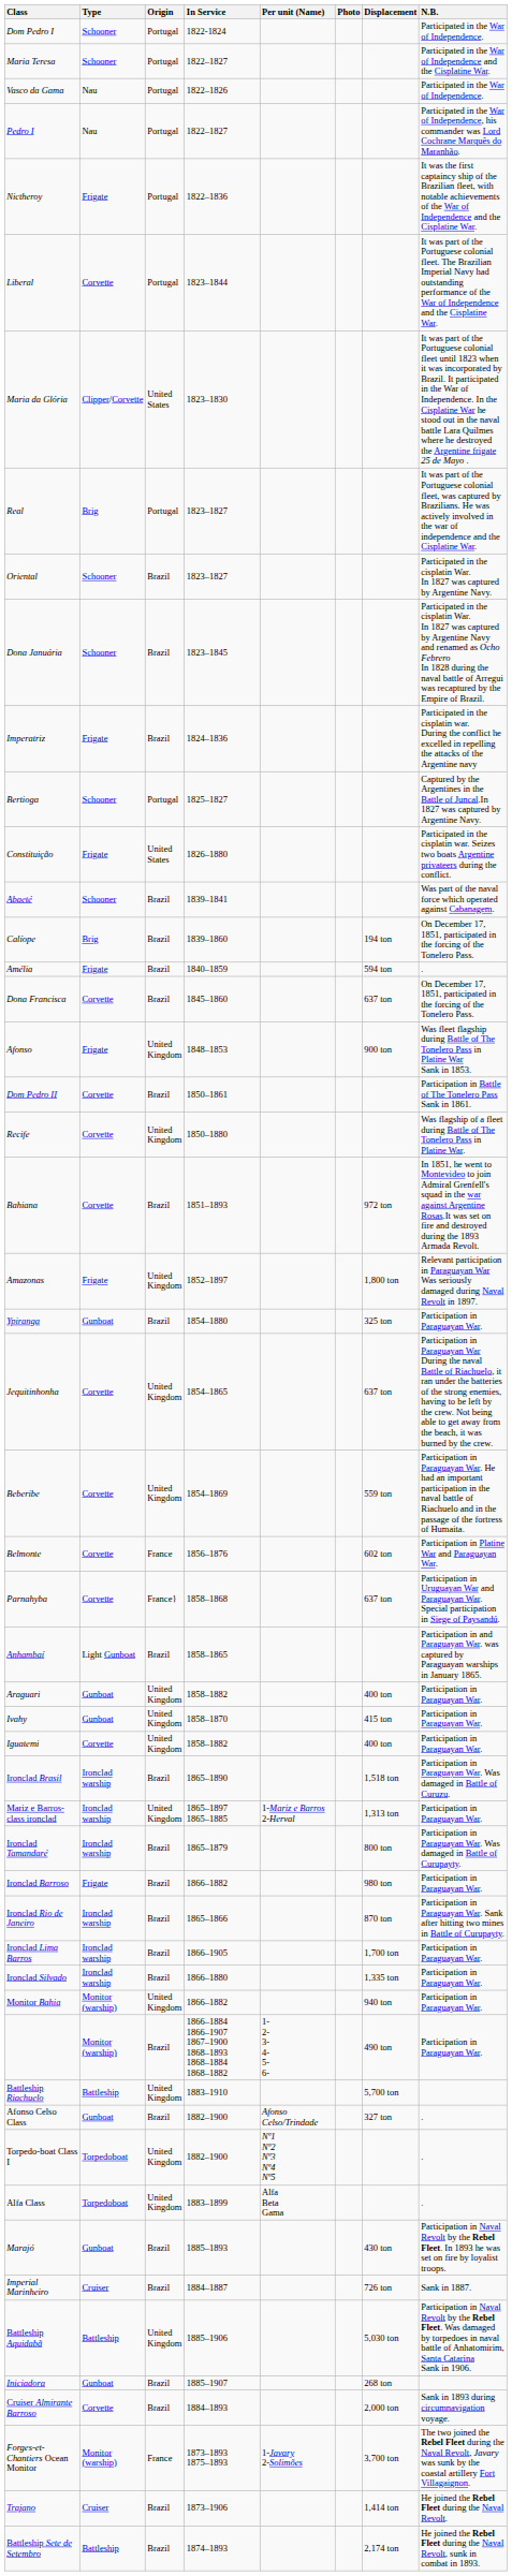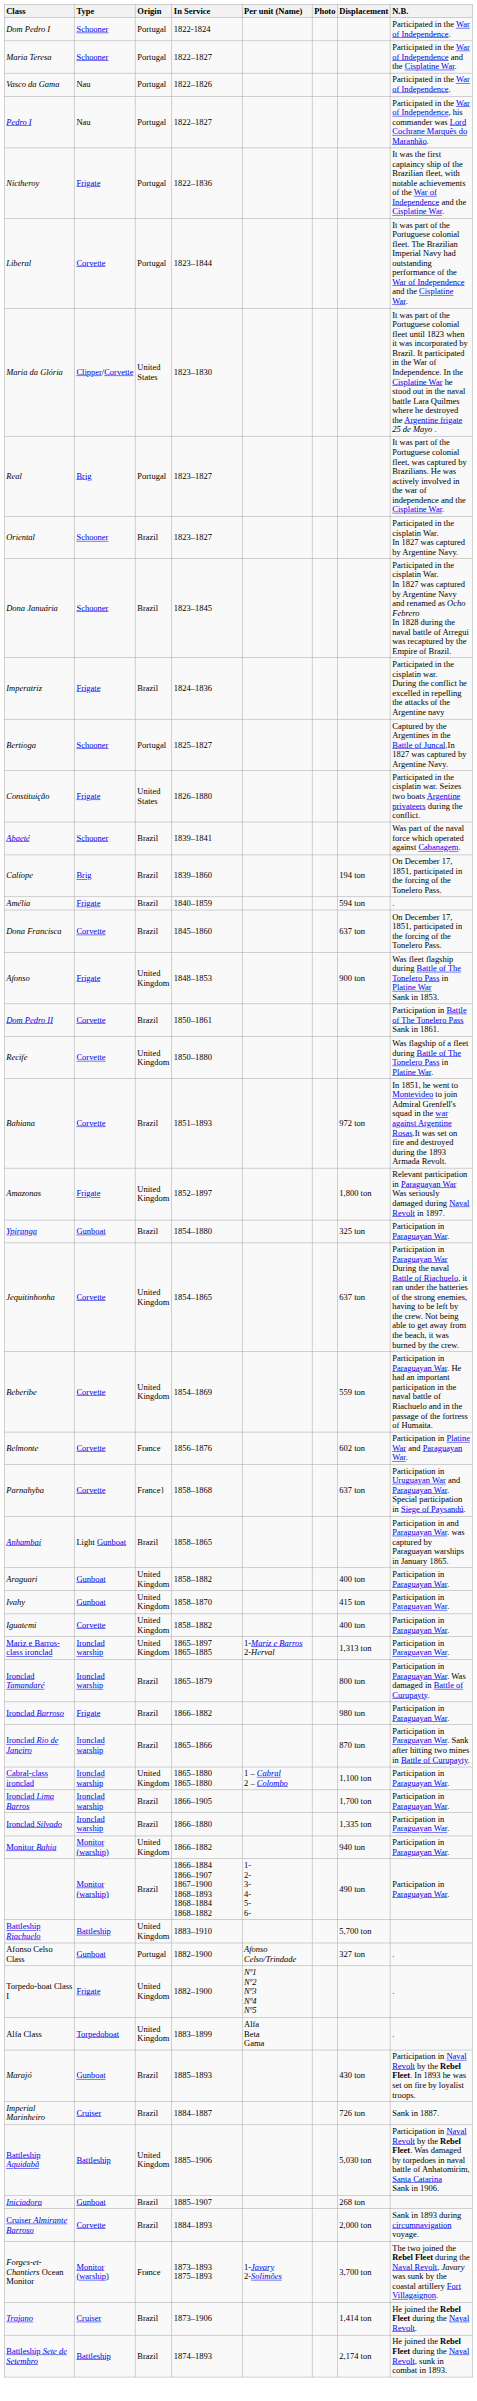 <table class="wikitable mw-collapsible mw-collapsed" style="width:100%">
 <tr>
 <th style="text-align:left; width:15%;">Class</th>
 <th style="text-align:left;width:10%;">Type</th>
 <th style="text-align:left;">Origin</th>
 <th style="text-align:left; width:15%;">In Service</th>
 <th style="text-align:left; width:15%;">Per unit (Name)</th>
 <th style="text-align:left;">Photo</th>
 <th style="text-align:left;">Displacement</th>
 <th style="text-align:left;30%;">N.B.</th>
 </tr>
 <tr>
 <td><em>Dom Pedro I</em></td>
 <td><a href='#'>Schooner</a></td>
 <td>Portugal</td>
 <td>1822-1824</td>
 <td></td>
 <td></td>
 <td></td>
 <td>Participated in the <a href='#'>War of Independence</a>.</td>
 </tr>
 <tr>
 <td><em>Maria Teresa</em></td>
 <td><a href='#'>Schooner</a></td>
 <td>Portugal</td>
 <td>1822–1827</td>
 <td></td>
 <td></td>
 <td></td>
 <td>Participated in the <a href='#'>War of Independence</a> and the <a href='#'>Cisplatine War</a>.</td>
 </tr>
 <tr>
 <td><em>Vasco da Gama</em></td>
 <td>Nau</td>
 <td>Portugal</td>
 <td>1822–1826</td>
 <td></td>
 <td></td>
 <td></td>
 <td>Participated in the <a href='#'>War of Independence</a>.</td>
 </tr>
 <tr>
 <td><em><a href='#'>Pedro I</a></em></td>
 <td>Nau</td>
 <td>Portugal</td>
 <td>1822–1827</td>
 <td></td>
 <td></td>
 <td></td>
 <td>Participated in the <a href='#'>War of Independence</a>, his commander was <a href='#'>Lord Cochrane Marquês do Maranhão</a>.</td>
 </tr>
 <tr>
 <td><em>Nictheroy</em></td>
 <td><a href='#'>Frigate</a></td>
 <td>Portugal</td>
 <td>1822–1836</td>
 <td></td>
 <td></td>
 <td></td>
 <td>It was the first captaincy ship of the Brazilian fleet, with notable achievements of the <a href='#'>War of Independence</a> and the <a href='#'>Cisplatine War</a>.</td>
 </tr>
 <tr>
 <td><em>Liberal</em></td>
 <td><a href='#'>Corvette</a></td>
 <td>Portugal</td>
 <td>1823–1844</td>
 <td></td>
 <td></td>
 <td></td>
 <td>It was part of the Portuguese colonial fleet. The Brazilian Imperial Navy had outstanding performance of the <a href='#'>War of Independence</a> and the <a href='#'>Cisplatine War</a>.</td>
 </tr>
 <tr>
 <td><em>Maria da Glória</em></td>
 <td><a href='#'>Clipper</a>/<a href='#'>Corvette</a></td>
 <td>United States</td>
 <td>1823–1830</td>
 <td></td>
 <td></td>
 <td></td>
 <td>It was part of the Portuguese colonial fleet until 1823 when it was incorporated by Brazil. It participated in the War of Independence. In the <a href='#'>Cisplatine War</a> he stood out in the naval battle Lara Quilmes where he destroyed the <a href='#'>Argentine frigate</a> <em> 25 de Mayo </em>.</td>
 </tr>
 <tr>
 <td><em>Real</em></td>
 <td><a href='#'>Brig</a></td>
 <td>Portugal</td>
 <td>1823–1827</td>
 <td></td>
 <td></td>
 <td></td>
 <td>It was part of the Portuguese colonial fleet, was captured by Brazilians. He was actively involved in the war of independence and the <a href='#'>Cisplatine War</a>.</td>
 </tr>
 <tr>
 <td><em>Oriental</em></td>
 <td><a href='#'>Schooner</a></td>
 <td>Brazil</td>
 <td>1823–1827</td>
 <td></td>
 <td></td>
 <td></td>
 <td>Participated in the cisplatin War. <br> In 1827 was captured by Argentine Navy.</td>
 </tr>
 <tr>
 <td><em>Dona Januária</em></td>
 <td><a href='#'>Schooner</a></td>
 <td>Brazil</td>
 <td>1823–1845</td>
 <td></td>
 <td></td>
 <td></td>
 <td>Participated in the cisplatin War. <br> In 1827 was captured by Argentine Navy and renamed as <em>Ocho Febrero</em><br> In 1828 during the naval battle of Arregui was recaptured by the Empire of Brazil.</td>
 </tr>
 <tr>
 <td><em>Imperatriz</em></td>
 <td><a href='#'>Frigate</a></td>
 <td>Brazil</td>
 <td>1824–1836</td>
 <td></td>
 <td></td>
 <td></td>
 <td>Participated in the cisplatin war.<br>During the conflict he excelled in repelling the attacks of the Argentine navy</td>
 </tr>
 <tr>
 <td><em>Bertioga</em></td>
 <td><a href='#'>Schooner</a></td>
 <td>Portugal</td>
 <td>1825–1827</td>
 <td></td>
 <td></td>
 <td></td>
 <td>Captured by the Argentines in the <a href='#'>Battle of Juncal</a>.In 1827 was captured by Argentine Navy.</td>
 </tr>
 <tr>
 <td><em>Constituição</em></td>
 <td><a href='#'>Frigate</a></td>
 <td>United States</td>
 <td>1826–1880</td>
 <td></td>
 <td></td>
 <td></td>
 <td>Participated in the cisplatin war. Seizes two boats <a href='#'>Argentine privateers</a> during the conflict.</td>
 </tr>
 <tr>
 <td><em><a href='#'>Abaeté</a></em></td>
 <td><a href='#'>Schooner</a></td>
 <td>Brazil</td>
 <td>1839–1841</td>
 <td></td>
 <td></td>
 <td></td>
 <td>Was part of the naval force which operated against <a href='#'>Cabanagem</a>.</td>
 </tr>
 <tr>
 <td><em>Calíope</em></td>
 <td><a href='#'>Brig</a></td>
 <td>Brazil</td>
 <td>1839–1860</td>
 <td></td>
 <td></td>
 <td>194 ton</td>
 <td>On December 17, 1851, participated in the forcing of the Tonelero Pass.</td>
 </tr>
 <tr>
 <td><em>Amélia</em></td>
 <td><a href='#'>Frigate</a></td>
 <td>Brazil</td>
 <td>1840–1859</td>
 <td></td>
 <td></td>
 <td>594 ton</td>
 <td>.</td>
 </tr>
 <tr>
 <td><em>Dona Francisca</em></td>
 <td><a href='#'>Corvette</a></td>
 <td>Brazil</td>
 <td>1845–1860</td>
 <td></td>
 <td></td>
 <td>637 ton</td>
 <td>On December 17, 1851, participated in the forcing of the Tonelero Pass.</td>
 </tr>
 <tr>
 <td><em>Afonso</em></td>
 <td><a href='#'>Frigate</a></td>
 <td>United Kingdom</td>
 <td>1848–1853</td>
 <td></td>
 <td></td>
 <td>900 ton</td>
 <td>Was fleet flagship during <a href='#'>Battle of The Tonelero Pass</a> in <a href='#'>Platine War</a><br>Sank in 1853.</td>
 </tr>
 <tr>
 <td><em><a href='#'>Dom Pedro II</a></em></td>
 <td><a href='#'>Corvette</a></td>
 <td>Brazil</td>
 <td>1850–1861</td>
 <td></td>
 <td></td>
 <td></td>
 <td>Participation in <a href='#'>Battle of The Tonelero Pass</a><br>Sank in 1861.</td>
 </tr>
 <tr>
 <td><em>Recife</em></td>
 <td><a href='#'>Corvette</a></td>
 <td>United Kingdom</td>
 <td>1850–1880</td>
 <td></td>
 <td></td>
 <td></td>
 <td>Was flagship of a fleet during <a href='#'>Battle of The Tonelero Pass</a> in <a href='#'>Platine War</a>.</td>
 </tr>
 <tr>
 <td><em>Bahiana</em></td>
 <td><a href='#'>Corvette</a></td>
 <td>Brazil</td>
 <td>1851–1893</td>
 <td></td>
 <td></td>
 <td>972 ton</td>
 <td>In 1851, he went to <a href='#'>Montevideo</a> to join Admiral Grenfell's squad in the <a href='#'>war against Argentine Rosas</a>.It was set on fire and destroyed during the 1893 Armada Revolt.</td>
 </tr>
 <tr>
 <td><em>Amazonas</em></td>
 <td><a href='#'>Frigate</a></td>
 <td>United Kingdom</td>
 <td>1852–1897</td>
 <td></td>
 <td></td>
 <td>1,800 ton</td>
 <td>Relevant participation in <a href='#'>Paraguayan War</a><br>Was seriously damaged during <a href='#'>Naval Revolt</a> in 1897.</td>
 </tr>
 <tr>
 <td><em><a href='#'>Ypiranga</a></em></td>
 <td><a href='#'>Gunboat</a></td>
 <td>Brazil</td>
 <td>1854–1880</td>
 <td></td>
 <td></td>
 <td>325 ton</td>
 <td>Participation in <a href='#'>Paraguayan War</a>.</td>
 </tr>
 <tr>
 <td><em>Jequitinhonha</em></td>
 <td><a href='#'>Corvette</a></td>
 <td>United Kingdom</td>
 <td>1854–1865</td>
 <td></td>
 <td></td>
 <td>637 ton</td>
 <td>Participation in <a href='#'>Paraguayan War</a><br>During the naval <a href='#'>Battle of Riachuelo</a>, it ran under the batteries of the strong enemies, having to be left by the crew. Not being able to get away from the beach, it was burned by the crew.</td>
 </tr>
 <tr>
 <td><em>Beberibe</em></td>
 <td><a href='#'>Corvette</a></td>
 <td>United Kingdom</td>
 <td>1854–1869</td>
 <td></td>
 <td></td>
 <td>559 ton</td>
 <td>Participation in <a href='#'>Paraguayan War</a>. He had an important participation in the naval battle of Riachuelo and in the passage of the fortress of Humaita.</td>
 </tr>
 <tr>
 <td><em>Belmonte</em></td>
 <td><a href='#'>Corvette</a></td>
 <td>France</td>
 <td>1856–1876</td>
 <td></td>
 <td></td>
 <td>602 ton</td>
 <td>Participation in <a href='#'>Platine War</a> and <a href='#'>Paraguayan War</a>.</td>
 </tr>
 <tr>
 <td><em>Parnahyba</em></td>
 <td><a href='#'>Corvette</a></td>
 <td>France}</td>
 <td>1858–1868</td>
 <td></td>
 <td></td>
 <td>637 ton</td>
 <td>Participation in <a href='#'>Uruguayan War</a> and <a href='#'>Paraguayan War</a>. Special participation in <a href='#'>Siege of Paysandú</a>.</td>
 </tr>
 <tr>
 <td><em><a href='#'>Anhambaí</a></em></td>
 <td>Light <a href='#'>Gunboat</a></td>
 <td>Brazil</td>
 <td>1858–1865</td>
 <td></td>
 <td></td>
 <td></td>
 <td>Participation in and <a href='#'>Paraguayan War</a>. was captured by Paraguayan warships in January 1865.</td>
 </tr>
 <tr>
 <td><em>Araguari</em></td>
 <td><a href='#'>Gunboat</a></td>
 <td>United Kingdom</td>
 <td>1858–1882</td>
 <td></td>
 <td></td>
 <td>400 ton</td>
 <td>Participation in <a href='#'>Paraguayan War</a>.</td>
 </tr>
 <tr>
 <td><em>Ivahy</em></td>
 <td><a href='#'>Gunboat</a></td>
 <td>United Kingdom</td>
 <td>1858–1870</td>
 <td></td>
 <td></td>
 <td>415 ton</td>
 <td>Participation in <a href='#'>Paraguayan War</a>.</td>
 </tr>
 <tr>
 <td><em>Iguatemi</em></td>
 <td><a href='#'>Corvette</a></td>
 <td>United Kingdom</td>
 <td>1858–1882</td>
 <td></td>
 <td></td>
 <td>400 ton</td>
 <td>Participation in <a href='#'>Paraguayan War</a>.</td>
 </tr>
 <tr>
-<td><a href='#'>Ironclad <em>Brasil</em></a></td>
-<td><a href='#'>Ironclad warship</a></td>
-<td>Brazil</td>
-<td>1865–1890</td>
-<td></td>
-<td></td>
-<td>1,518 ton</td>
-<td>Participation in <a href='#'>Paraguayan War</a>. Was damaged in <a href='#'>Battle of Curuzu</a>.</td>
-</tr>
-<tr>
 <td><a href='#'>Mariz e Barros-class ironclad</a></td>
 <td><a href='#'>Ironclad warship</a></td>
 <td>United Kingdom</td>
 <td>1865–1897<br>1865–1885</td>
 <td>1-<em><a href='#'>Mariz e Barros</a></em><br>2-<em>Herval</em></td>
 <td></td>
 <td>1,313 ton</td>
 <td>Participation in <a href='#'>Paraguayan War</a>.</td>
 </tr>
 <tr>
 <td><a href='#'>Ironclad <em>Tamandaré</em></a></td>
 <td><a href='#'>Ironclad warship</a></td>
 <td>Brazil</td>
 <td>1865–1879</td>
 <td></td>
 <td></td>
 <td>800 ton</td>
 <td>Participation in <a href='#'>Paraguayan War</a>. Was damaged in <a href='#'>Battle of Curupayty</a>.</td>
 </tr>
 <tr>
 <td><a href='#'>Ironclad <em>Barroso</em></a></td>
 <td><a href='#'>Frigate</a></td>
 <td>Brazil</td>
 <td>1866–1882</td>
 <td></td>
 <td></td>
 <td>980 ton</td>
 <td>Participation in <a href='#'>Paraguayan War</a>.</td>
 </tr>
 <tr>
 <td><a href='#'>Ironclad <em>Rio de Janeiro</em></a></td>
 <td><a href='#'>Ironclad warship</a></td>
 <td>Brazil</td>
 <td>1865–1866</td>
 <td></td>
 <td></td>
 <td>870 ton</td>
 <td>Participation in <a href='#'>Paraguayan War</a>. Sank after hitting two mines in <a href='#'>Battle of Curupayty</a>.</td>
+</tr>
+<tr>
+<td><a href='#'>Cabral-class ironclad</a></td>
+<td><a href='#'>Ironclad warship</a></td>
+<td>United Kingdom</td>
+<td>1865–1880<br>1865–1880</td>
+<td>1 – <em><a href='#'>Cabral</a></em><br>2 – <em><a href='#'>Colombo</a></em></td>
+<td></td>
+<td>1,100 ton</td>
+<td>Participation in <a href='#'>Paraguayan War</a>.</td>
 </tr>
 <tr>
 <td><a href='#'>Ironclad <em>Lima Barros</em></a></td>
 <td><a href='#'>Ironclad warship</a></td>
 <td>Brazil</td>
 <td>1866–1905</td>
 <td></td>
 <td></td>
 <td>1,700 ton</td>
 <td>Participation in <a href='#'>Paraguayan War</a>.</td>
 </tr>
 <tr>
 <td><a href='#'>Ironclad <em>Silvado</em></a></td>
 <td><a href='#'>Ironclad warship</a></td>
 <td>Brazil</td>
 <td>1866–1880</td>
 <td></td>
 <td></td>
 <td>1,335 ton</td>
 <td>Participation in <a href='#'>Paraguayan War</a>.</td>
 </tr>
 <tr>
 <td><a href='#'>Monitor <em>Bahia</em></a></td>
 <td><a href='#'>Monitor (warship)</a></td>
 <td>United Kingdom</td>
 <td>1866–1882</td>
 <td></td>
 <td></td>
 <td>940 ton</td>
 <td>Participation in <a href='#'>Paraguayan War</a>.</td>
 </tr>
 <tr>
 <td></td>
 <td><a href='#'>Monitor (warship)</a></td>
 <td>Brazil</td>
 <td>1866–1884<br>1866–1907<br>1867–1900<br>1868–1893<br>1868–1884<br>1868–1882</td>
 <td>1-<br> 2-<br> 3-<br> 4-<br> 5-<br> 6-</td>
 <td></td>
 <td>490 ton</td>
 <td>Participation in <a href='#'>Paraguayan War</a>.</td>
 </tr>
 <tr>
 <td><a href='#'>Battleship <em>Riachuelo</em></a></td>
 <td><a href='#'>Battleship</a></td>
 <td>United Kingdom</td>
 <td>1883–1910</td>
 <td></td>
 <td></td>
 <td>5,700 ton</td>
 <td></td>
 </tr>
 <tr>
 <td>Afonso Celso Class</td>
 <td><a href='#'>Gunboat</a></td>
-<td>Brazil</td>
+<td>Portugal</td>
 <td>1882–1900</td>
 <td><em>Afonso Celso/Trindade</em></td>
 <td></td>
 <td>327 ton</td>
 <td>.</td>
 </tr>
 <tr>
 <td>Torpedo-boat Class I</td>
-<td><a href='#'>Torpedoboat</a></td>
+<td><a href='#'>Frigate</a></td>
 <td>United Kingdom</td>
 <td>1882–1900</td>
 <td><em>Nº1</em><br><em>Nº2</em><br><em>Nº3</em><br><em>Nº4</em><br><em>Nº5</em></td>
 <td></td>
 <td></td>
 <td>.</td>
 </tr>
 <tr>
 <td>Alfa Class</td>
 <td><a href='#'>Torpedoboat</a></td>
 <td>United Kingdom</td>
 <td>1883–1899</td>
 <td>Alfa<br>Beta<br>Gama</td>
 <td></td>
 <td></td>
 <td>.</td>
 </tr>
 <tr>
 <td><em>Marajó</em></td>
 <td><a href='#'>Gunboat</a></td>
 <td>Brazil</td>
 <td>1885–1893</td>
 <td></td>
 <td></td>
 <td>430 ton</td>
 <td>Participation in <a href='#'>Naval Revolt</a> by the <strong>Rebel Fleet</strong>. In 1893 he was set on fire by loyalist troops.</td>
 </tr>
 <tr>
 <td><em>Imperial Marinheiro</em></td>
 <td><a href='#'>Cruiser</a></td>
 <td>Brazil</td>
 <td>1884–1887</td>
 <td></td>
 <td></td>
 <td>726 ton</td>
 <td>Sank in 1887.</td>
 </tr>
 <tr>
 <td><a href='#'>Battleship <em>Aquidabã</em></a></td>
 <td><a href='#'>Battleship</a></td>
 <td>United Kingdom</td>
 <td>1885–1906</td>
 <td></td>
 <td></td>
 <td>5,030 ton</td>
 <td>Participation in <a href='#'>Naval Revolt</a> by the <strong>Rebel Fleet</strong>. Was damaged by torpedoes in naval battle of Anhatomirim, <a href='#'>Santa Catarina</a><br> Sank in 1906.</td>
 </tr>
 <tr>
 <td><em><a href='#'>Iniciadora</a></em></td>
 <td><a href='#'>Gunboat</a></td>
 <td>Brazil</td>
 <td>1885–1907</td>
 <td></td>
 <td></td>
 <td>268 ton</td>
 <td></td>
 </tr>
 <tr>
 <td><a href='#'>Cruiser <em>Almirante Barroso</em></a></td>
 <td><a href='#'>Corvette</a></td>
 <td>Brazil</td>
 <td>1884–1893</td>
 <td></td>
 <td></td>
 <td>2,000 ton</td>
 <td>Sank in 1893 during <a href='#'>circumnavigation</a> voyage.</td>
 </tr>
 <tr>
 <td><em>Forges-et-Chantiers</em> Ocean Monitor</td>
 <td><a href='#'>Monitor (warship)</a></td>
 <td>France</td>
 <td>1873–1893<br>1875–1893</td>
 <td>1-<em><a href='#'>Javary</a></em><br>2-<em><a href='#'>Solimões</a></em></td>
 <td></td>
 <td>3,700 ton</td>
 <td>The two joined the <strong>Rebel Fleet</strong> during the <a href='#'>Naval Revolt</a>, <em>Javary</em> was sunk by the coastal artillery <a href='#'>Fort Villagaignon</a>.</td>
 </tr>
 <tr>
 <td><em><a href='#'>Trajano</a></em></td>
 <td><a href='#'>Cruiser</a></td>
 <td>Brazil</td>
 <td>1873–1906</td>
 <td></td>
 <td></td>
 <td>1,414 ton</td>
 <td>He joined the <strong>Rebel Fleet</strong> during the <a href='#'>Naval Revolt</a>.</td>
 </tr>
 <tr>
 <td><a href='#'>Battleship <em>Sete de Setembro</em></a></td>
 <td><a href='#'>Battleship</a></td>
 <td>Brazil</td>
 <td>1874–1893</td>
 <td></td>
 <td></td>
 <td>2,174 ton</td>
 <td>He joined the <strong>Rebel Fleet</strong> during the <a href='#'>Naval Revolt</a>, sunk in combat in 1893.</td>
 </tr>
 </table>
